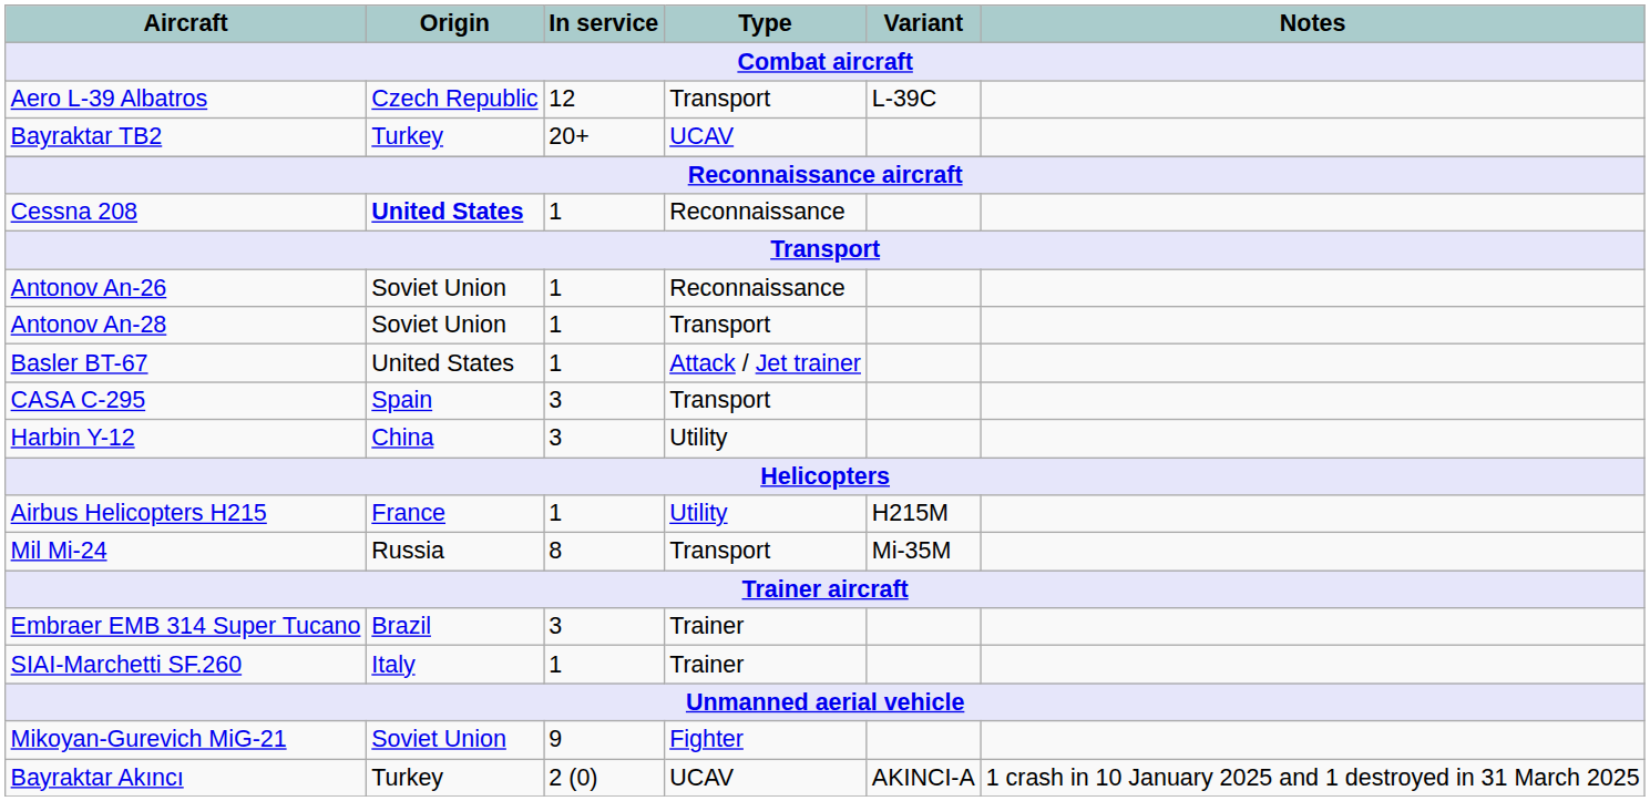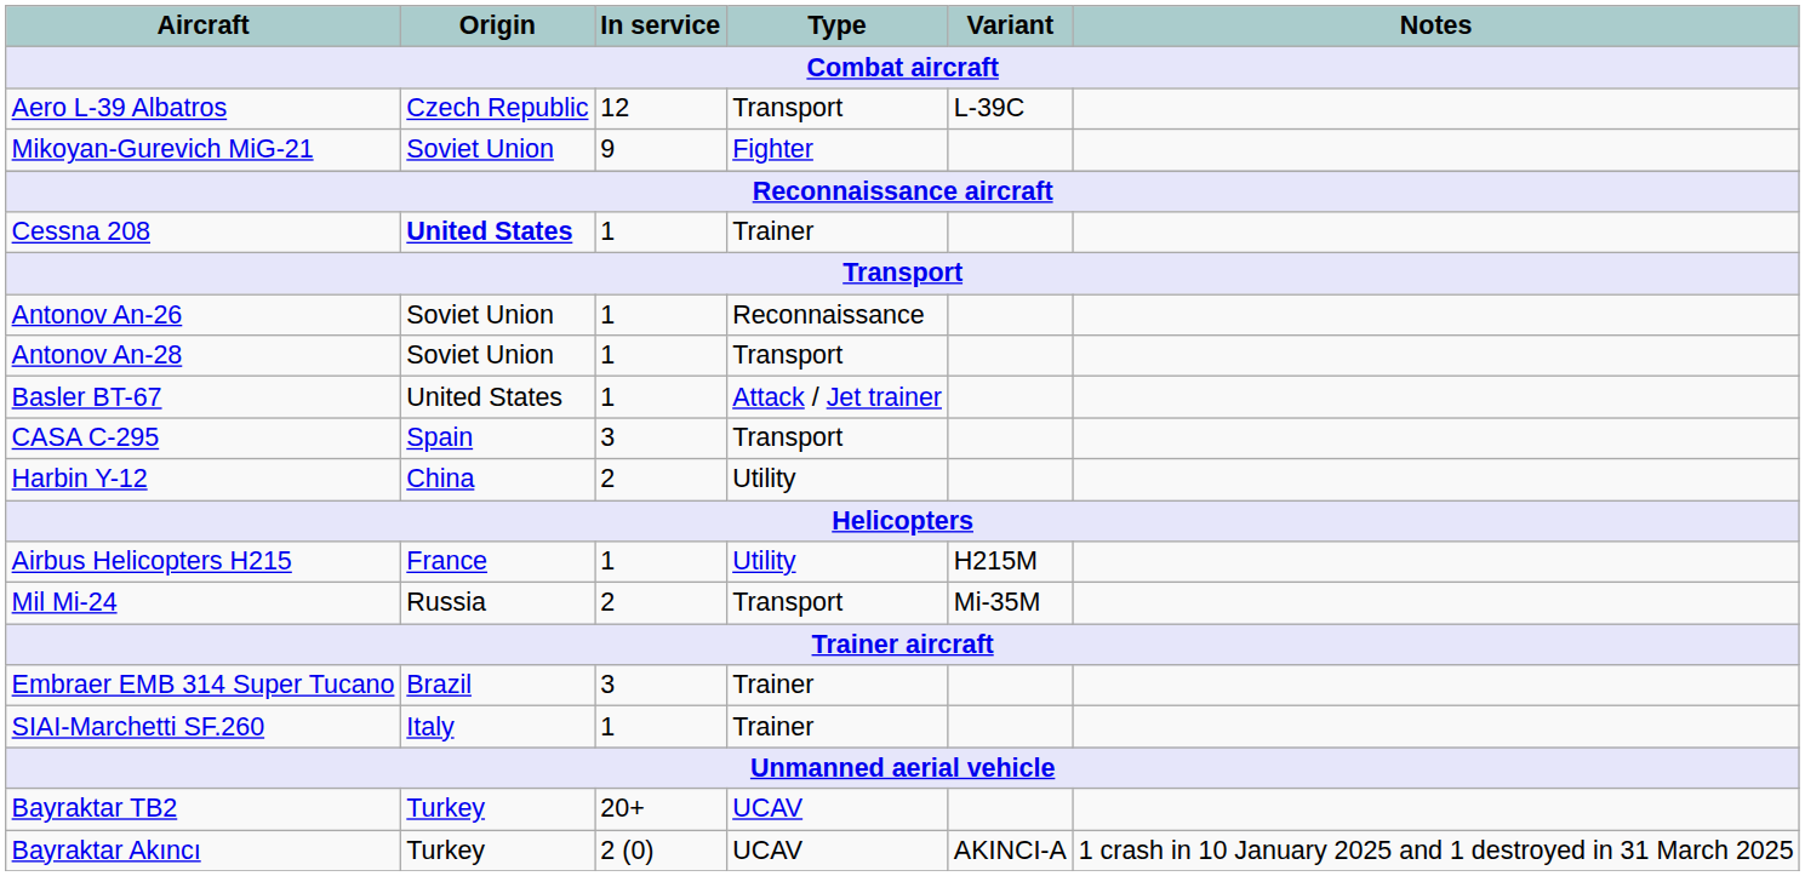 <table class="wikitable">
 <tr>
 <th style="text-align:center; background:#acc;">Aircraft</th>
 <th style="text-align:center; background:#acc;">Origin</th>
 <th style="text-align:center; background:#acc;">In service</th>
 <th style="text-align:center; background:#acc;">Type</th>
 <th style="text-align:center; background:#acc;">Variant</th>
 <th style="text-align:center; background:#acc;">Notes</th>
 </tr>
 <tr>
 <th colspan="6" style="align: center; background: lavender;"><a href='#'>Combat aircraft</a></th>
 </tr>
 <tr>
 <td><a href='#'>Aero L-39 Albatros</a></td>
 <td><a href='#'>Czech Republic</a></td>
 <td>12</td>
 <td>Transport</td>
 <td>L-39C</td>
 <td></td>
 </tr>
 <tr>
-<td><a href='#'>Bayraktar TB2</a></td>
-<td><a href='#'>Turkey</a></td>
-<td>20+</td>
-<td><a href='#'>UCAV</a></td>
+<td><a href='#'>Mikoyan-Gurevich MiG-21</a></td>
+<td><a href='#'>Soviet Union</a></td>
+<td>9</td>
+<td><a href='#'>Fighter</a></td>
 <td></td>
 <td></td>
 </tr>
 <tr>
 </tr>
 <tr>
 <th colspan="6" style="align: center; background: lavender;"><a href='#'>Reconnaissance aircraft</a></th>
 </tr>
 <tr>
 <td><a href='#'>Cessna 208</a></td>
 <td><strong><a href='#'>United States</a></strong></td>
 <td>1</td>
-<td>Reconnaissance</td>
+<td>Trainer</td>
 <td></td>
 <td></td>
 </tr>
 <tr>
 <th colspan="6" style="align: center; background: lavender;"><a href='#'>Transport</a></th>
 </tr>
 <tr>
 <td><a href='#'>Antonov An-26</a></td>
 <td>Soviet Union</td>
 <td>1</td>
 <td>Reconnaissance</td>
 <td></td>
 <td></td>
 </tr>
 <tr>
 <td><a href='#'>Antonov An-28</a></td>
 <td>Soviet Union</td>
 <td>1</td>
 <td>Transport</td>
 <td></td>
 <td></td>
 </tr>
 <tr>
 <td><a href='#'>Basler BT-67</a></td>
 <td>United States</td>
 <td>1</td>
 <td><a href='#'>Attack</a> / <a href='#'>Jet trainer</a></td>
 <td></td>
 <td></td>
 </tr>
 <tr>
 <td><a href='#'>CASA C-295</a></td>
 <td><a href='#'>Spain</a></td>
 <td>3</td>
 <td>Transport</td>
 <td></td>
 <td></td>
 </tr>
 <tr>
 <td><a href='#'>Harbin Y-12</a></td>
 <td><a href='#'>China</a></td>
-<td>3</td>
+<td>2</td>
 <td>Utility</td>
 <td></td>
 <td></td>
 </tr>
 <tr>
 <th colspan="6" style="align: center; background: lavender;"><a href='#'>Helicopters</a></th>
 </tr>
 <tr>
 <td><a href='#'>Airbus Helicopters H215</a></td>
 <td><a href='#'>France</a></td>
 <td>1</td>
 <td><a href='#'>Utility</a></td>
 <td>H215M</td>
 <td></td>
 </tr>
 <tr>
 <td><a href='#'>Mil Mi-24</a></td>
 <td>Russia</td>
-<td>8</td>
+<td>2</td>
 <td>Transport</td>
 <td>Mi-35M</td>
 <td></td>
 </tr>
 <tr>
 <th colspan="6" style="align: center; background: lavender;"><a href='#'>Trainer aircraft</a></th>
 </tr>
 <tr>
 <td><a href='#'>Embraer EMB 314 Super Tucano</a></td>
 <td><a href='#'>Brazil</a></td>
 <td>3</td>
 <td>Trainer</td>
 <td></td>
 <td></td>
 </tr>
 <tr>
 <td><a href='#'>SIAI-Marchetti SF.260</a></td>
 <td><a href='#'>Italy</a></td>
 <td>1</td>
 <td>Trainer</td>
 <td></td>
 <td></td>
 </tr>
 <tr>
 <th colspan="6" style="align: center; background: lavender;"><a href='#'>Unmanned aerial vehicle</a></th>
 </tr>
 <tr>
-<td><a href='#'>Mikoyan-Gurevich MiG-21</a></td>
-<td><a href='#'>Soviet Union</a></td>
-<td>9</td>
-<td><a href='#'>Fighter</a></td>
+<td><a href='#'>Bayraktar TB2</a></td>
+<td><a href='#'>Turkey</a></td>
+<td>20+</td>
+<td><a href='#'>UCAV</a></td>
 <td></td>
 <td></td>
 </tr>
 <tr>
 <td><a href='#'>Bayraktar Akıncı</a></td>
 <td>Turkey</td>
 <td>2 (0)</td>
 <td>UCAV</td>
 <td>AKINCI-A</td>
 <td> 1 crash in 10 January 2025 and 1 destroyed in 31 March 2025</td>
 </tr>
 </table>
